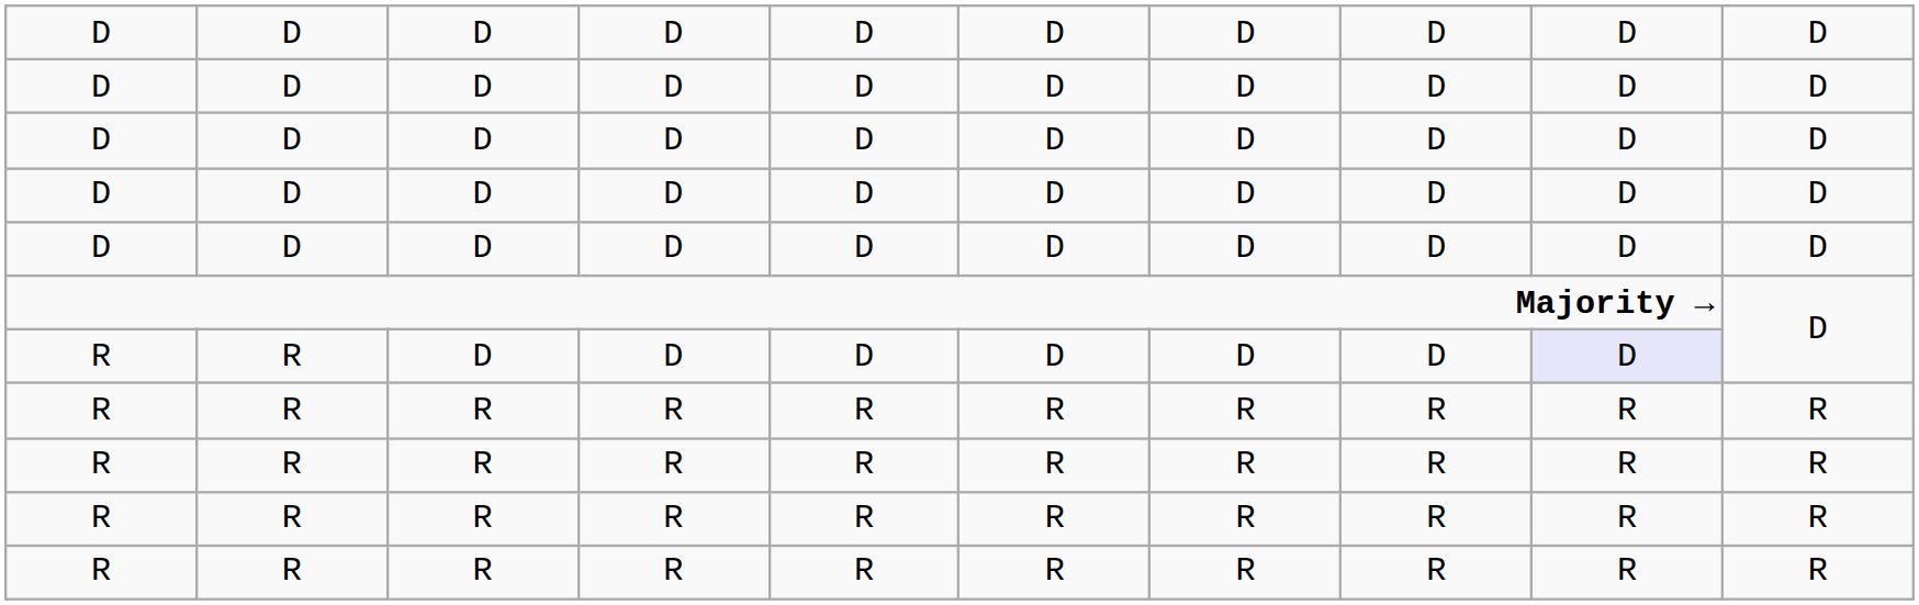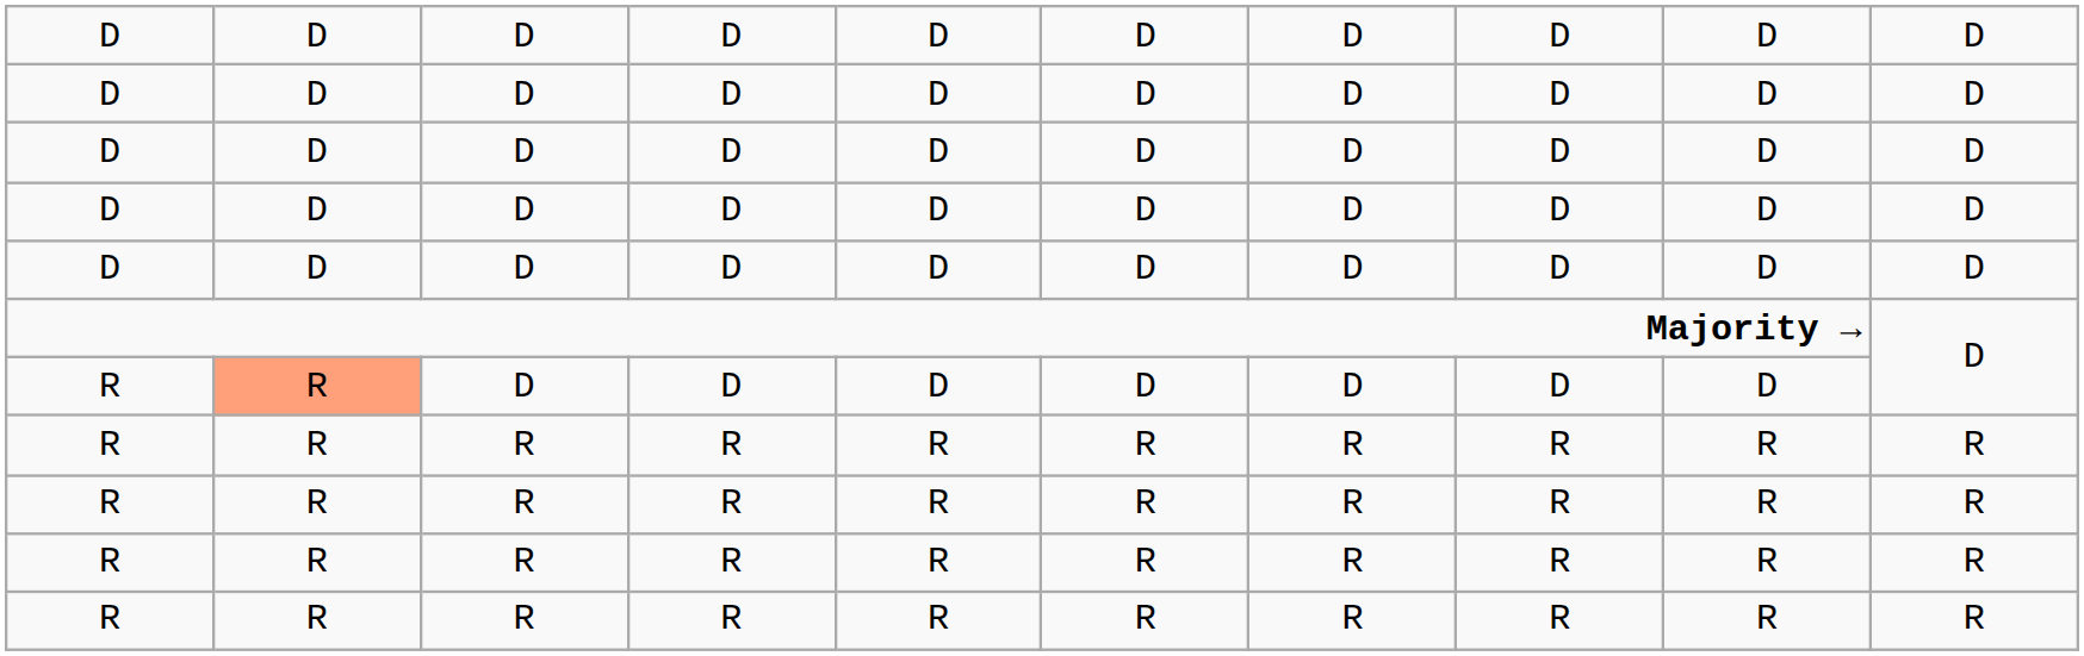 <table class="wikitable" style="text-align:center" width=750px>
 <tr>
 <td>D</td>
 <td>D</td>
 <td>D</td>
 <td>D</td>
 <td>D</td>
 <td>D</td>
 <td>D</td>
 <td>D</td>
 <td>D</td>
 <td>D</td>
 </tr>
 <tr>
 <td width=10%  >D</td>
 <td width=10%  >D</td>
 <td width=10%  >D</td>
 <td width=10%  >D</td>
 <td width=10%  >D</td>
 <td width=10%  >D</td>
 <td width=10%  >D</td>
 <td width=10%  >D</td>
 <td width=10%  >D</td>
 <td width=10%  >D</td>
 </tr>
 <tr>
 <td>D</td>
 <td>D</td>
 <td>D</td>
 <td>D</td>
 <td>D</td>
 <td>D</td>
 <td>D</td>
 <td>D</td>
 <td>D</td>
 <td>D</td>
 </tr>
 <tr>
 <td>D</td>
 <td>D</td>
 <td>D</td>
 <td>D</td>
 <td>D</td>
 <td>D</td>
 <td>D</td>
 <td>D</td>
 <td>D</td>
 <td>D</td>
 </tr>
 <tr>
 <td>D<br></td>
 <td>D<br></td>
 <td>D<br></td>
 <td>D<br></td>
 <td>D<br></td>
 <td>D<br></td>
 <td>D<br></td>
 <td>D<br></td>
 <td>D<br></td>
 <td>D<br></td>
 </tr>
 <tr>
 <td colspan=9 align=right><strong>Majority →</strong></td>
 <td rowspan=2 >D<br></td>
 </tr>
 <tr>
 <td>R<br></td>
-<td>R<br></td>
+<td style="background: lightsalmon;">R<br></td>
 <td>D<br></td>
 <td>D<br></td>
 <td>D<br></td>
 <td>D<br></td>
 <td>D<br></td>
 <td>D<br></td>
-<td style="background: lavender;">D<br></td>
+<td>D<br></td>
 </tr>
 <tr>
 <td>R<br></td>
 <td>R<br></td>
 <td>R<br></td>
 <td>R<br></td>
 <td>R<br></td>
 <td>R<br></td>
 <td>R<br></td>
 <td>R<br></td>
 <td>R<br></td>
 <td>R<br></td>
 </tr>
 <tr>
 <td>R</td>
 <td>R</td>
 <td>R</td>
 <td>R</td>
 <td>R</td>
 <td>R</td>
 <td>R<br></td>
 <td>R<br></td>
 <td>R<br></td>
 <td>R<br></td>
 </tr>
 <tr>
 <td>R</td>
 <td>R</td>
 <td>R</td>
 <td>R</td>
 <td>R</td>
 <td>R</td>
 <td>R</td>
 <td>R</td>
 <td>R</td>
 <td>R</td>
 </tr>
 <tr>
 <td>R</td>
 <td>R</td>
 <td>R</td>
 <td>R</td>
 <td>R</td>
 <td>R</td>
 <td>R</td>
 <td>R</td>
 <td>R</td>
 <td>R</td>
 </tr>
 </table>
